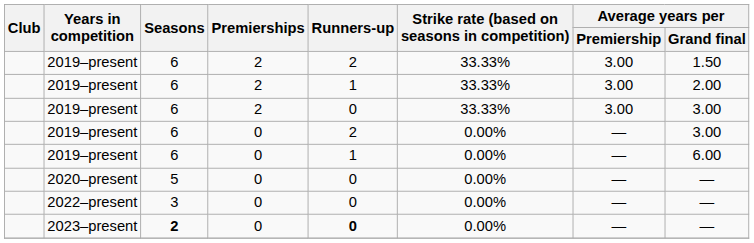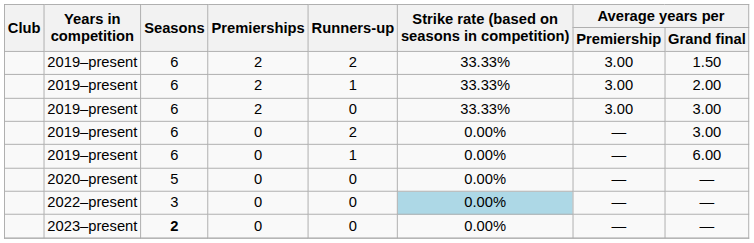 <table class="wikitable sortable" style="text-align:center">
 <tr>
 <th rowspan=2>Club</th>
 <th rowspan=2>Years in<br>competition</th>
 <th rowspan=2>Seasons</th>
 <th rowspan=2>Premierships</th>
 <th rowspan=2>Runners-up</th>
 <th rowspan=2>Strike rate (based on<br>seasons in competition)</th>
 <th colspan=2>Average years per</th>
 </tr>
 <tr>
 <th>Premiership</th>
 <th>Grand final</th>
 </tr>
 <tr>
 <td align=left></td>
 <td align=left>2019–present</td>
 <td>6</td>
 <td>2</td>
 <td>2</td>
 <td>33.33%</td>
 <td>3.00</td>
 <td>1.50</td>
 </tr>
 <tr>
 <td align=left></td>
 <td align=left>2019–present</td>
 <td>6</td>
 <td>2</td>
 <td>1</td>
 <td>33.33%</td>
 <td>3.00</td>
 <td>2.00</td>
 </tr>
 <tr>
 <td align=left></td>
 <td align=left>2019–present</td>
 <td>6</td>
 <td>2</td>
 <td>0</td>
 <td>33.33%</td>
 <td>3.00</td>
 <td>3.00</td>
 </tr>
 <tr>
 <td align=left></td>
 <td align=left>2019–present</td>
 <td>6</td>
 <td>0</td>
 <td>2</td>
 <td>0.00%</td>
 <td>—</td>
 <td>3.00</td>
 </tr>
 <tr>
 <td align=left></td>
 <td align=left>2019–present</td>
 <td>6</td>
 <td>0</td>
 <td>1</td>
 <td>0.00%</td>
 <td>—</td>
 <td>6.00</td>
 </tr>
 <tr>
 <td align=left></td>
 <td align=left>2020–present</td>
 <td>5</td>
 <td>0</td>
 <td>0</td>
 <td>0.00%</td>
 <td>—</td>
 <td>—</td>
 </tr>
 <tr>
 <td align=left></td>
 <td align=left>2022–present</td>
 <td>3</td>
 <td>0</td>
 <td>0</td>
-<td>0.00%</td>
+<td style="background: lightblue;">0.00%</td>
 <td>—</td>
 <td>—</td>
 </tr>
 <tr>
 <td align=left></td>
 <td align=left>2023–present</td>
 <td><strong>2</strong></td>
 <td>0</td>
-<td><strong>0</strong></td>
+<td>0</td>
 <td>0.00%</td>
 <td>—</td>
 <td>—</td>
 </tr>
 <tr>
 </tr>
 </table>
